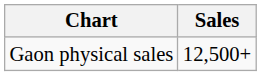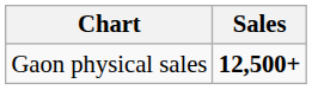 <table class="wikitable">
 <tr>
 <th>Chart</th>
 <th>Sales</th>
 </tr>
 <tr>
 <td>Gaon physical sales</td>
-<td align="center">12,500+</td>
+<td align="center"><strong>12,500+</strong></td>
 </tr>
 </table>
